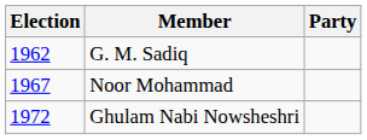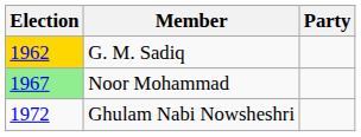 <table class="wikitable sortable">
 <tr>
 <th>Election</th>
 <th>Member</th>
 <th colspan=2>Party</th>
 </tr>
 <tr>
-<td><a href='#'>1962</a></td>
+<td style="background: gold;"><a href='#'>1962</a></td>
 <td>G. M. Sadiq</td>
 <td></td>
 </tr>
 <tr>
-<td><a href='#'>1967</a></td>
+<td style="background: lightgreen;"><a href='#'>1967</a></td>
 <td>Noor Mohammad</td>
 <td></td>
 </tr>
 <tr>
 <td><a href='#'>1972</a></td>
 <td>Ghulam Nabi Nowsheshri</td>
 <td></td>
 </tr>
 </table>
